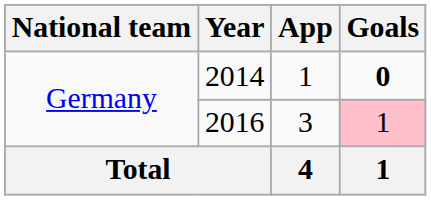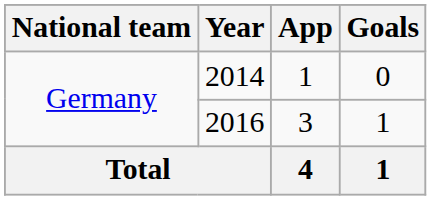 <table class="wikitable" style="text-align:center">
 <tr>
 <th>National team</th>
 <th>Year</th>
 <th>App</th>
 <th>Goals</th>
 </tr>
 <tr>
 <td rowspan=2><a href='#'>Germany</a></td>
 <td>2014</td>
 <td>1</td>
-<td><strong>0</strong></td>
+<td>0</td>
 </tr>
 <tr>
 <td>2016</td>
 <td>3</td>
-<td style="background: pink;">1</td>
+<td>1</td>
 </tr>
 <tr>
 <th colspan=2>Total</th>
 <th>4</th>
 <th>1</th>
 </tr>
 </table>
